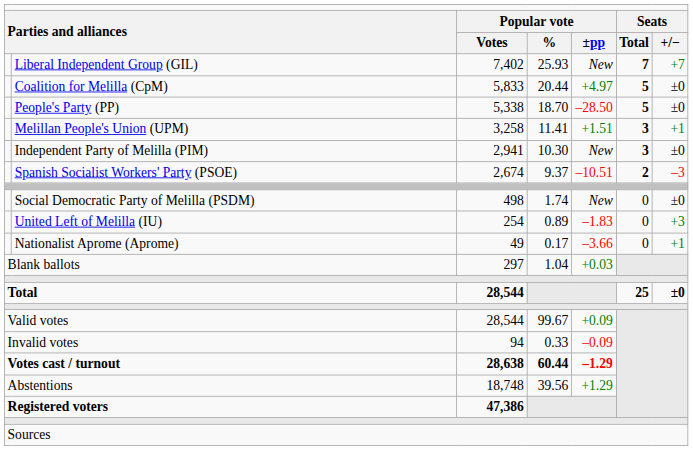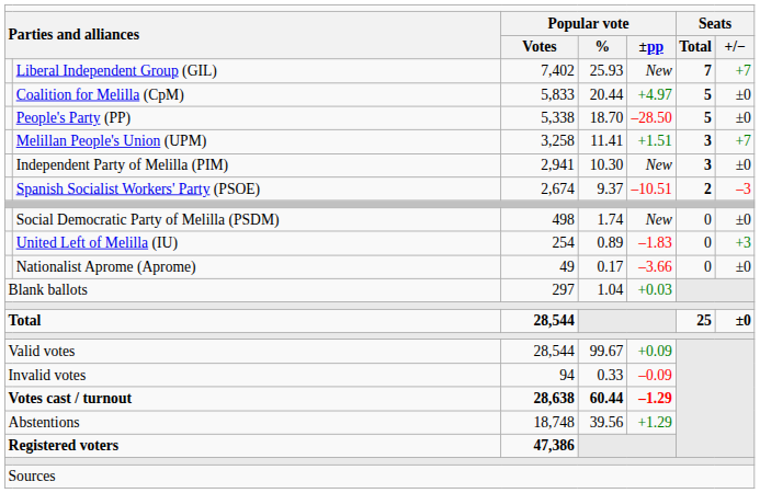 <table class="wikitable" style="text-align:right;">
 <tr>
 <td colspan="7"></td>
 </tr>
 <tr>
 <th style="text-align:left;" rowspan="2" colspan="2" width="525">Parties and alliances</th>
 <th colspan="3">Popular vote</th>
 <th colspan="2">Seats</th>
 </tr>
 <tr>
 <th width="75">Votes</th>
 <th width="45">%</th>
 <th width="45">±<a href='#'>pp</a></th>
 <th width="35">Total</th>
 <th width="35">+/−</th>
 </tr>
 <tr>
 <td width="1" style="color:inherit;background:"></td>
 <td align="left"><a href='#'>Liberal Independent Group</a> (GIL)</td>
 <td>7,402</td>
 <td>25.93</td>
 <td><em>New</em></td>
 <td><strong>7</strong></td>
 <td style="color:green;">+7</td>
 </tr>
 <tr>
 <td style="color:inherit;background:"></td>
 <td align="left"><a href='#'>Coalition for Melilla</a> (CpM)</td>
 <td>5,833</td>
 <td>20.44</td>
 <td style="color:green;">+4.97</td>
 <td><strong>5</strong></td>
 <td>±0</td>
 </tr>
 <tr>
 <td style="color:inherit;background:"></td>
 <td align="left"><a href='#'>People's Party</a> (PP)</td>
 <td>5,338</td>
 <td>18.70</td>
 <td style="color:red;">–28.50</td>
 <td><strong>5</strong></td>
 <td>±0</td>
 </tr>
 <tr>
 <td style="color:inherit;background:"></td>
 <td align="left"><a href='#'>Melillan People's Union</a> (UPM)</td>
 <td>3,258</td>
 <td>11.41</td>
 <td style="color:green;">+1.51</td>
 <td><strong>3</strong></td>
-<td style="color:green;">+1</td>
+<td style="color:green;">+7</td>
 </tr>
 <tr>
 <td style="color:inherit;background:"></td>
 <td align="left">Independent Party of Melilla (PIM)</td>
 <td>2,941</td>
 <td>10.30</td>
 <td><em>New</em></td>
 <td><strong>3</strong></td>
 <td>±0</td>
 </tr>
 <tr>
 <td style="color:inherit;background:"></td>
 <td align="left"><a href='#'>Spanish Socialist Workers' Party</a> (PSOE)</td>
 <td>2,674</td>
 <td>9.37</td>
 <td style="color:red;">–10.51</td>
 <td><strong>2</strong></td>
 <td style="color:red;">–3</td>
 </tr>
 <tr>
 <td colspan="7" bgcolor="#C0C0C0"></td>
 </tr>
 <tr>
 <td style="color:inherit;background:"></td>
 <td align="left">Social Democratic Party of Melilla (PSDM)</td>
 <td>498</td>
 <td>1.74</td>
 <td><em>New</em></td>
 <td>0</td>
 <td>±0</td>
 </tr>
 <tr>
 <td style="color:inherit;background:"></td>
 <td align="left"><a href='#'>United Left of Melilla</a> (IU)</td>
 <td>254</td>
 <td>0.89</td>
 <td style="color:red;">–1.83</td>
 <td>0</td>
 <td style="color:green;">+3</td>
 </tr>
 <tr>
 <td style="color:inherit;background:"></td>
 <td align="left">Nationalist Aprome (Aprome)</td>
 <td>49</td>
 <td>0.17</td>
 <td style="color:red;">–3.66</td>
 <td>0</td>
-<td style="color:green;">+1</td>
+<td>±0</td>
 </tr>
 <tr>
 <td align="left" colspan="2">Blank ballots</td>
 <td>297</td>
 <td>1.04</td>
 <td style="color:green;">+0.03</td>
 <td bgcolor="#E9E9E9" colspan="2"></td>
 </tr>
 <tr>
 <td colspan="7" bgcolor="#E9E9E9"></td>
 </tr>
 <tr style="font-weight:bold;">
 <td align="left" colspan="2">Total</td>
 <td>28,544</td>
 <td bgcolor="#E9E9E9" colspan="2"></td>
 <td>25</td>
 <td>±0</td>
 </tr>
 <tr>
 <td colspan="7" bgcolor="#E9E9E9"></td>
 </tr>
 <tr>
 <td align="left" colspan="2">Valid votes</td>
 <td>28,544</td>
 <td>99.67</td>
 <td style="color:green;">+0.09</td>
 <td bgcolor="#E9E9E9" colspan="2" rowspan="5"></td>
 </tr>
 <tr>
 <td align="left" colspan="2">Invalid votes</td>
 <td>94</td>
 <td>0.33</td>
 <td style="color:red;">–0.09</td>
 </tr>
 <tr style="font-weight:bold;">
 <td align="left" colspan="2">Votes cast / turnout</td>
 <td>28,638</td>
 <td>60.44</td>
 <td style="color:red;">–1.29</td>
 </tr>
 <tr>
 <td align="left" colspan="2">Abstentions</td>
 <td>18,748</td>
 <td>39.56</td>
 <td style="color:green;">+1.29</td>
 </tr>
 <tr style="font-weight:bold;">
 <td align="left" colspan="2">Registered voters</td>
 <td>47,386</td>
 <td bgcolor="#E9E9E9" colspan="2"></td>
 </tr>
 <tr>
 <td colspan="7" bgcolor="#E9E9E9"></td>
 </tr>
 <tr>
 <td align="left" colspan="7">Sources</td>
 </tr>
 </table>
